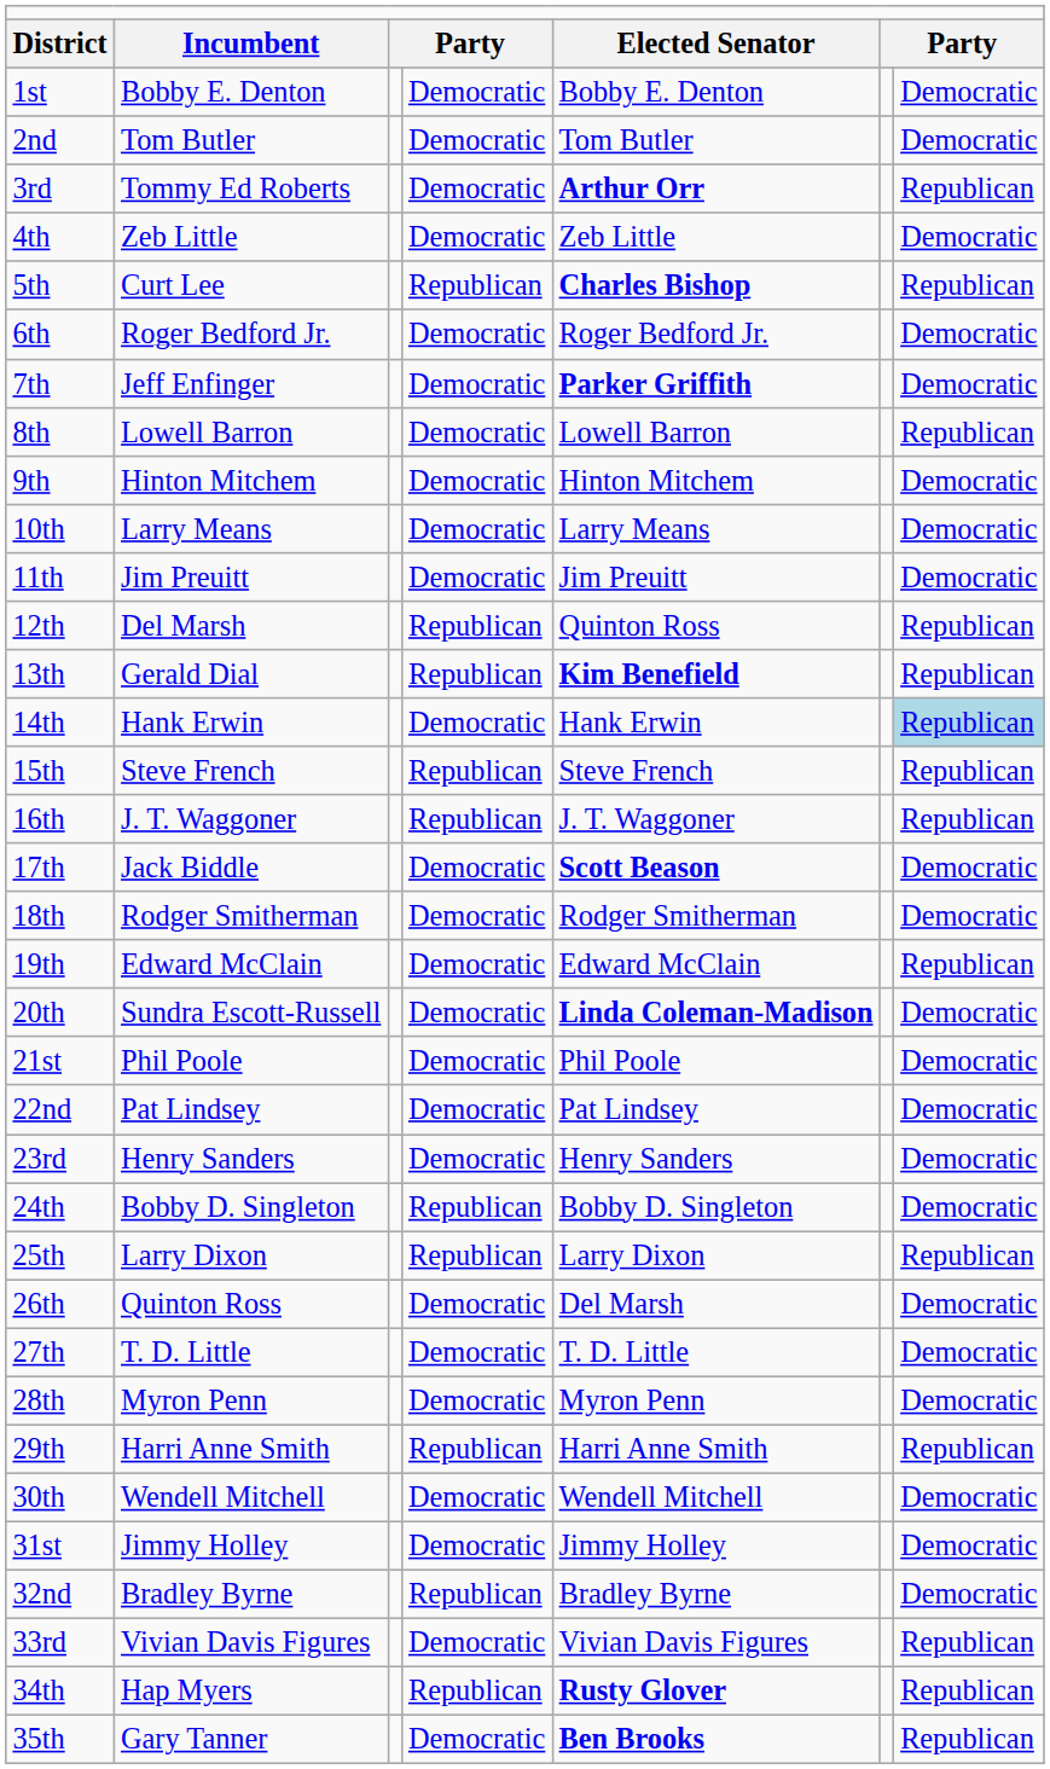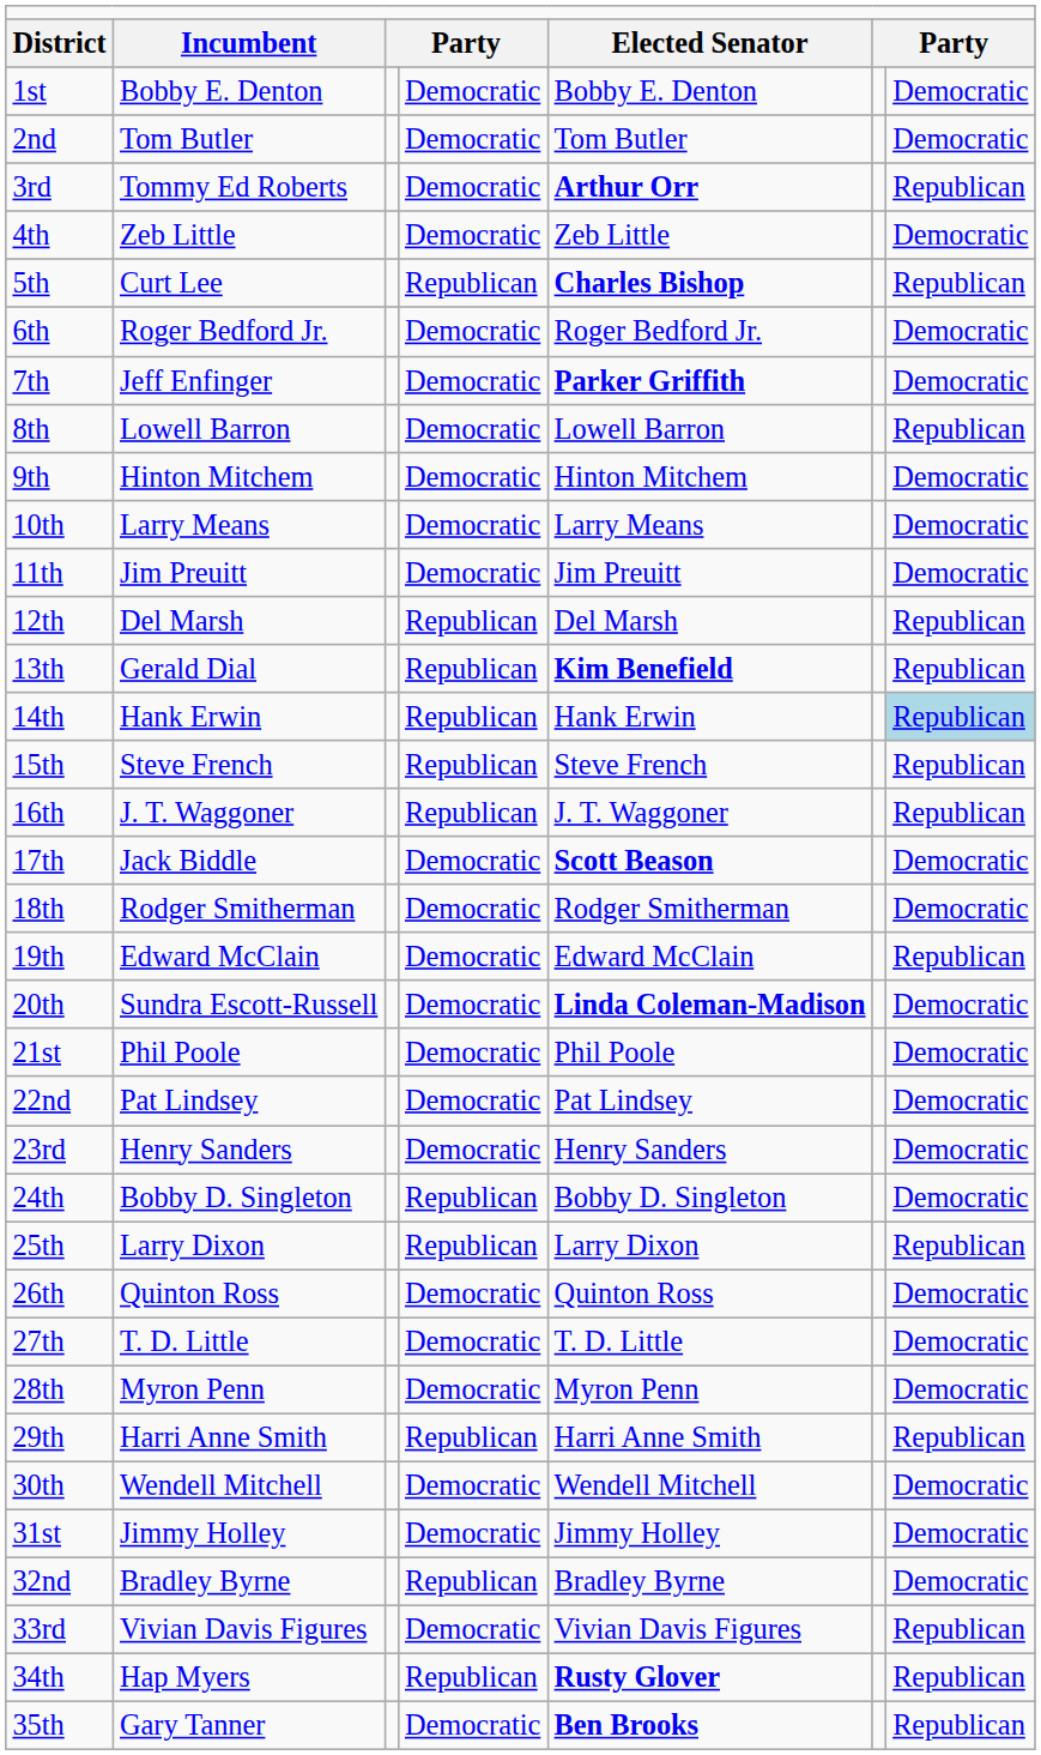 <table class="wikitable" style="font-size:95%;">
 <tr>
 <td colspan="15" style="text-align:center;"></td>
 </tr>
 <tr>
 <th colspan="1" class="unsortable">District</th>
 <th class="unsortable"><a href='#'>Incumbent</a></th>
 <th colspan="2">Party</th>
 <th class="unsortable">Elected Senator</th>
 <th colspan="2">Party</th>
 </tr>
 <tr>
 <td><a href='#'>1st</a></td>
 <td><a href='#'>Bobby E. Denton</a></td>
 <td style="background:"></td>
 <td><a href='#'>Democratic</a></td>
 <td><a href='#'>Bobby E. Denton</a></td>
 <td style="background:"></td>
 <td><a href='#'>Democratic</a></td>
 </tr>
 <tr>
 <td><a href='#'>2nd</a></td>
 <td><a href='#'>Tom Butler</a></td>
 <td style="background:"></td>
 <td><a href='#'>Democratic</a></td>
 <td><a href='#'>Tom Butler</a></td>
 <td style="background:"></td>
 <td><a href='#'>Democratic</a></td>
 </tr>
 <tr>
 <td><a href='#'>3rd</a></td>
 <td><a href='#'>Tommy Ed Roberts</a></td>
 <td style="background:"></td>
 <td><a href='#'>Democratic</a></td>
 <td><strong><a href='#'>Arthur Orr</a></strong></td>
 <td style="background:"></td>
 <td><a href='#'>Republican</a></td>
 </tr>
 <tr>
 <td><a href='#'>4th</a></td>
 <td><a href='#'>Zeb Little</a></td>
 <td style="background:"></td>
 <td><a href='#'>Democratic</a></td>
 <td><a href='#'>Zeb Little</a></td>
 <td style="background:"></td>
 <td><a href='#'>Democratic</a></td>
 </tr>
 <tr>
 <td><a href='#'>5th</a></td>
 <td><a href='#'>Curt Lee</a></td>
 <td style="background:"></td>
 <td><a href='#'>Republican</a></td>
 <td><strong><a href='#'>Charles Bishop</a></strong></td>
 <td style="background:"></td>
 <td><a href='#'>Republican</a></td>
 </tr>
 <tr>
 <td><a href='#'>6th</a></td>
 <td><a href='#'>Roger Bedford Jr.</a></td>
 <td style="background:"></td>
 <td><a href='#'>Democratic</a></td>
 <td><a href='#'>Roger Bedford Jr.</a></td>
 <td style="background:"></td>
 <td><a href='#'>Democratic</a></td>
 </tr>
 <tr>
 <td><a href='#'>7th</a></td>
 <td><a href='#'>Jeff Enfinger</a></td>
 <td style="background:"></td>
 <td><a href='#'>Democratic</a></td>
 <td><strong><a href='#'>Parker Griffith</a></strong></td>
 <td style="background:"></td>
 <td><a href='#'>Democratic</a></td>
 </tr>
 <tr>
 <td><a href='#'>8th</a></td>
 <td><a href='#'>Lowell Barron</a></td>
 <td style="background:"></td>
 <td><a href='#'>Democratic</a></td>
 <td><a href='#'>Lowell Barron</a></td>
 <td style="background:"></td>
 <td><a href='#'>Republican</a></td>
 </tr>
 <tr>
 <td><a href='#'>9th</a></td>
 <td><a href='#'>Hinton Mitchem</a></td>
 <td style="background:"></td>
 <td><a href='#'>Democratic</a></td>
 <td><a href='#'>Hinton Mitchem</a></td>
 <td style="background:"></td>
 <td><a href='#'>Democratic</a></td>
 </tr>
 <tr>
 <td><a href='#'>10th</a></td>
 <td><a href='#'>Larry Means</a></td>
 <td style="background:"></td>
 <td><a href='#'>Democratic</a></td>
 <td><a href='#'>Larry Means</a></td>
 <td style="background:"></td>
 <td><a href='#'>Democratic</a></td>
 </tr>
 <tr>
 <td><a href='#'>11th</a></td>
 <td><a href='#'>Jim Preuitt</a></td>
 <td style="background:"></td>
 <td><a href='#'>Democratic</a></td>
 <td><a href='#'>Jim Preuitt</a></td>
 <td style="background:"></td>
 <td><a href='#'>Democratic</a></td>
 </tr>
 <tr>
 <td><a href='#'>12th</a></td>
 <td><a href='#'>Del Marsh</a></td>
 <td style="background:"></td>
 <td><a href='#'>Republican</a></td>
-<td><a href='#'>Quinton Ross</a></td>
+<td><a href='#'>Del Marsh</a></td>
 <td style="background:"></td>
 <td><a href='#'>Republican</a></td>
 </tr>
 <tr>
 <td><a href='#'>13th</a></td>
 <td><a href='#'>Gerald Dial</a></td>
 <td style="background:"></td>
 <td><a href='#'>Republican</a></td>
 <td><strong><a href='#'>Kim Benefield</a></strong></td>
 <td style="background:"></td>
 <td><a href='#'>Republican</a></td>
 </tr>
 <tr>
 <td><a href='#'>14th</a></td>
 <td><a href='#'>Hank Erwin</a></td>
 <td style="background:"></td>
-<td><a href='#'>Democratic</a></td>
+<td><a href='#'>Republican</a></td>
 <td><a href='#'>Hank Erwin</a></td>
 <td style="background:"></td>
 <td style="background: lightblue;"><a href='#'>Republican</a></td>
 </tr>
 <tr>
 <td><a href='#'>15th</a></td>
 <td><a href='#'>Steve French</a></td>
 <td style="background:"></td>
 <td><a href='#'>Republican</a></td>
 <td><a href='#'>Steve French</a></td>
 <td style="background:"></td>
 <td><a href='#'>Republican</a></td>
 </tr>
 <tr>
 <td><a href='#'>16th</a></td>
 <td><a href='#'>J. T. Waggoner</a></td>
 <td style="background:"></td>
 <td><a href='#'>Republican</a></td>
 <td><a href='#'>J. T. Waggoner</a></td>
 <td style="background:"></td>
 <td><a href='#'>Republican</a></td>
 </tr>
 <tr>
 <td><a href='#'>17th</a></td>
 <td><a href='#'>Jack Biddle</a></td>
 <td style="background:"></td>
 <td><a href='#'>Democratic</a></td>
 <td><strong><a href='#'>Scott Beason</a></strong></td>
 <td style="background:"></td>
 <td><a href='#'>Democratic</a></td>
 </tr>
 <tr>
 <td><a href='#'>18th</a></td>
 <td><a href='#'>Rodger Smitherman</a></td>
 <td style="background:"></td>
 <td><a href='#'>Democratic</a></td>
 <td><a href='#'>Rodger Smitherman</a></td>
 <td style="background:"></td>
 <td><a href='#'>Democratic</a></td>
 </tr>
 <tr>
 <td><a href='#'>19th</a></td>
 <td><a href='#'>Edward McClain</a></td>
 <td style="background:"></td>
 <td><a href='#'>Democratic</a></td>
 <td><a href='#'>Edward McClain</a></td>
 <td style="background:"></td>
 <td><a href='#'>Republican</a></td>
 </tr>
 <tr>
 <td><a href='#'>20th</a></td>
 <td><a href='#'>Sundra Escott-Russell</a></td>
 <td style="background:"></td>
 <td><a href='#'>Democratic</a></td>
 <td><strong><a href='#'>Linda Coleman-Madison</a></strong></td>
 <td style="background:"></td>
 <td><a href='#'>Democratic</a></td>
 </tr>
 <tr>
 <td><a href='#'>21st</a></td>
 <td><a href='#'>Phil Poole</a></td>
 <td style="background:"></td>
 <td><a href='#'>Democratic</a></td>
 <td><a href='#'>Phil Poole</a></td>
 <td style="background:"></td>
 <td><a href='#'>Democratic</a></td>
 </tr>
 <tr>
 <td><a href='#'>22nd</a></td>
 <td><a href='#'>Pat Lindsey</a></td>
 <td style="background:"></td>
 <td><a href='#'>Democratic</a></td>
 <td><a href='#'>Pat Lindsey</a></td>
 <td style="background:"></td>
 <td><a href='#'>Democratic</a></td>
 </tr>
 <tr>
 <td><a href='#'>23rd</a></td>
 <td><a href='#'>Henry Sanders</a></td>
 <td style="background:"></td>
 <td><a href='#'>Democratic</a></td>
 <td><a href='#'>Henry Sanders</a></td>
 <td style="background:"></td>
 <td><a href='#'>Democratic</a></td>
 </tr>
 <tr>
 <td><a href='#'>24th</a></td>
 <td><a href='#'>Bobby D. Singleton</a></td>
 <td style="background:"></td>
 <td><a href='#'>Republican</a></td>
 <td><a href='#'>Bobby D. Singleton</a></td>
 <td style="background:"></td>
 <td><a href='#'>Democratic</a></td>
 </tr>
 <tr>
 <td><a href='#'>25th</a></td>
 <td><a href='#'>Larry Dixon</a></td>
 <td style="background:"></td>
 <td><a href='#'>Republican</a></td>
 <td><a href='#'>Larry Dixon</a></td>
 <td style="background:"></td>
 <td><a href='#'>Republican</a></td>
 </tr>
 <tr>
 <td><a href='#'>26th</a></td>
 <td><a href='#'>Quinton Ross</a></td>
 <td style="background:"></td>
 <td><a href='#'>Democratic</a></td>
-<td><a href='#'>Del Marsh</a></td>
+<td><a href='#'>Quinton Ross</a></td>
 <td style="background:"></td>
 <td><a href='#'>Democratic</a></td>
 </tr>
 <tr>
 <td><a href='#'>27th</a></td>
 <td><a href='#'>T. D. Little</a></td>
 <td style="background:"></td>
 <td><a href='#'>Democratic</a></td>
 <td><a href='#'>T. D. Little</a></td>
 <td style="background:"></td>
 <td><a href='#'>Democratic</a></td>
 </tr>
 <tr>
 <td><a href='#'>28th</a></td>
 <td><a href='#'>Myron Penn</a></td>
 <td style="background:"></td>
 <td><a href='#'>Democratic</a></td>
 <td><a href='#'>Myron Penn</a></td>
 <td style="background:"></td>
 <td><a href='#'>Democratic</a></td>
 </tr>
 <tr>
 <td><a href='#'>29th</a></td>
 <td><a href='#'>Harri Anne Smith</a></td>
 <td style="background:"></td>
 <td><a href='#'>Republican</a></td>
 <td><a href='#'>Harri Anne Smith</a></td>
 <td style="background:"></td>
 <td><a href='#'>Republican</a></td>
 </tr>
 <tr>
 <td><a href='#'>30th</a></td>
 <td><a href='#'>Wendell Mitchell</a></td>
 <td style="background:"></td>
 <td><a href='#'>Democratic</a></td>
 <td><a href='#'>Wendell Mitchell</a></td>
 <td style="background:"></td>
 <td><a href='#'>Democratic</a></td>
 </tr>
 <tr>
 <td><a href='#'>31st</a></td>
 <td><a href='#'>Jimmy Holley</a></td>
 <td style="background:"></td>
 <td><a href='#'>Democratic</a></td>
 <td><a href='#'>Jimmy Holley</a></td>
 <td style="background:"></td>
 <td><a href='#'>Democratic</a></td>
 </tr>
 <tr>
 <td><a href='#'>32nd</a></td>
 <td><a href='#'>Bradley Byrne</a></td>
 <td style="background:"></td>
 <td><a href='#'>Republican</a></td>
 <td><a href='#'>Bradley Byrne</a></td>
 <td style="background:"></td>
 <td><a href='#'>Democratic</a></td>
 </tr>
 <tr>
 <td><a href='#'>33rd</a></td>
 <td><a href='#'>Vivian Davis Figures</a></td>
 <td style="background:"></td>
 <td><a href='#'>Democratic</a></td>
 <td><a href='#'>Vivian Davis Figures</a></td>
 <td style="background:"></td>
 <td><a href='#'>Republican</a></td>
 </tr>
 <tr>
 <td><a href='#'>34th</a></td>
 <td><a href='#'>Hap Myers</a></td>
 <td style="background:"></td>
 <td><a href='#'>Republican</a></td>
 <td><strong><a href='#'>Rusty Glover</a></strong></td>
 <td style="background:"></td>
 <td><a href='#'>Republican</a></td>
 </tr>
 <tr>
 <td><a href='#'>35th</a></td>
 <td><a href='#'>Gary Tanner</a></td>
 <td style="background:"></td>
 <td><a href='#'>Democratic</a></td>
 <td><strong><a href='#'>Ben Brooks</a></strong></td>
 <td style="background:"></td>
 <td><a href='#'>Republican</a></td>
 </tr>
 </table>
